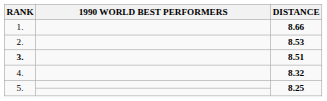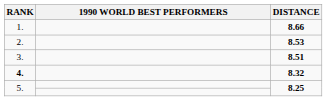 <table class="wikitable" style="border-collapse: collapse; font-size: 90%;">
 <tr>
 <th>RANK</th>
 <th align="center" style="width: 25em">1990 WORLD BEST PERFORMERS</th>
 <th align="center" style="width: 5em">DISTANCE</th>
 </tr>
 <tr>
 <td align="center">1.</td>
 <td></td>
 <td align="center"><strong>8.66</strong></td>
 </tr>
 <tr>
 <td align="center">2.</td>
 <td></td>
 <td align="center"><strong>8.53</strong></td>
 </tr>
 <tr>
-<td align="center"><strong>3.</strong></td>
+<td align="center">3.</td>
 <td></td>
 <td align="center"><strong>8.51</strong></td>
 </tr>
 <tr>
-<td align="center">4.</td>
+<td align="center"><strong>4.</strong></td>
 <td></td>
 <td align="center"><strong>8.32</strong></td>
 </tr>
 <tr>
 <td rowspan=2 align="center">5.</td>
 <td></td>
 <td rowspan=2 align="center"><strong>8.25</strong></td>
 </tr>
 <tr>
 <td></td>
 </tr>
 </table>
